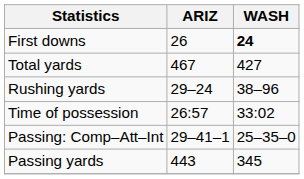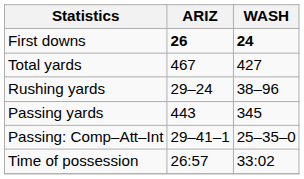 <table class="wikitable" style="float: left;">
 <tr>
 <th>Statistics</th>
 <th>ARIZ</th>
 <th>WASH</th>
 </tr>
 <tr>
 <td>First downs</td>
-<td>26</td>
+<td><strong>26</strong></td>
 <td><strong>24</strong></td>
 </tr>
 <tr>
 <td>Total yards</td>
 <td>467</td>
 <td>427</td>
 </tr>
 <tr>
 <td>Rushing yards</td>
 <td>29–24</td>
 <td>38–96</td>
 </tr>
 <tr>
-<td>Time of possession</td>
-<td>26:57</td>
-<td>33:02</td>
+<td>Passing yards</td>
+<td>443</td>
+<td>345</td>
 </tr>
 <tr>
 <td>Passing: Comp–Att–Int</td>
 <td>29–41–1</td>
 <td>25–35–0</td>
 </tr>
 <tr>
-<td>Passing yards</td>
-<td>443</td>
-<td>345</td>
+<td>Time of possession</td>
+<td>26:57</td>
+<td>33:02</td>
 </tr>
 <tr>
 </tr>
 </table>
